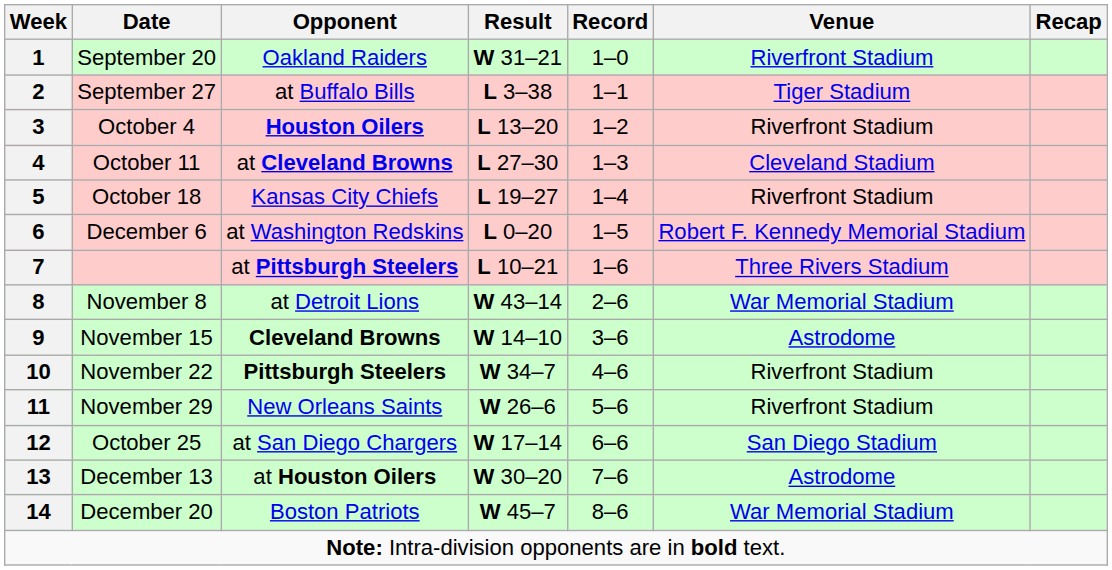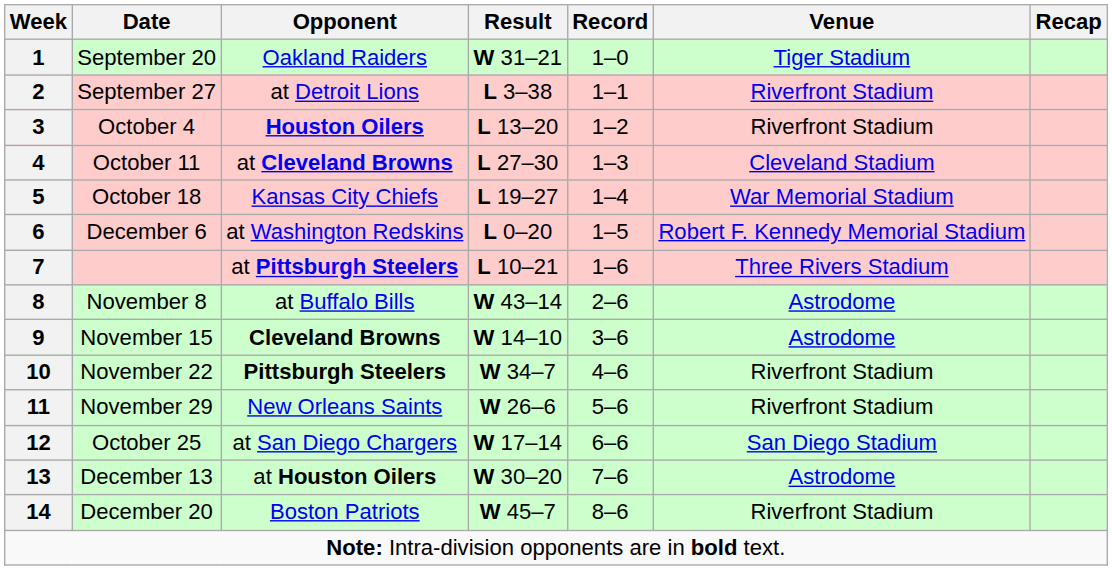 <table class="wikitable" style="text-align:center">
 <tr>
 <th>Week</th>
 <th>Date</th>
 <th>Opponent</th>
 <th>Result</th>
 <th>Record</th>
 <th>Venue</th>
 <th>Recap</th>
 </tr>
 <tr style="background:#cfc">
 <th>1</th>
 <td>September 20</td>
 <td><a href='#'>Oakland Raiders</a></td>
 <td><strong>W</strong> 31–21</td>
 <td>1–0</td>
-<td><a href='#'>Riverfront Stadium</a></td>
+<td><a href='#'>Tiger Stadium</a></td>
 <td></td>
 </tr>
 <tr style="background:#fcc">
 <th>2</th>
 <td>September 27</td>
-<td>at <a href='#'>Buffalo Bills</a></td>
+<td>at <a href='#'>Detroit Lions</a></td>
 <td><strong>L</strong> 3–38</td>
 <td>1–1</td>
-<td><a href='#'>Tiger Stadium</a></td>
+<td><a href='#'>Riverfront Stadium</a></td>
 <td></td>
 </tr>
 <tr style="background:#fcc">
 <th>3</th>
 <td>October 4</td>
 <td><strong><a href='#'>Houston Oilers</a></strong></td>
 <td><strong>L</strong> 13–20</td>
 <td>1–2</td>
 <td>Riverfront Stadium</td>
 <td></td>
 </tr>
 <tr style="background:#fcc">
 <th>4</th>
 <td>October 11</td>
 <td>at <strong><a href='#'>Cleveland Browns</a></strong></td>
 <td><strong>L</strong> 27–30</td>
 <td>1–3</td>
 <td><a href='#'>Cleveland Stadium</a></td>
 <td></td>
 </tr>
 <tr style="background:#fcc">
 <th>5</th>
 <td>October 18</td>
 <td><a href='#'>Kansas City Chiefs</a></td>
 <td><strong>L</strong> 19–27</td>
 <td>1–4</td>
-<td>Riverfront Stadium</td>
+<td><a href='#'>War Memorial Stadium</a></td>
 <td></td>
 </tr>
 <tr style="background:#fcc">
 <th>6</th>
 <td>December 6</td>
 <td>at <a href='#'>Washington Redskins</a></td>
 <td><strong>L</strong> 0–20</td>
 <td>1–5</td>
 <td><a href='#'>Robert F. Kennedy Memorial Stadium</a></td>
 <td></td>
 </tr>
 <tr style="background:#fcc">
 <th>7</th>
 <td></td>
 <td>at <strong><a href='#'>Pittsburgh Steelers</a></strong></td>
 <td><strong>L</strong> 10–21</td>
 <td>1–6</td>
 <td><a href='#'>Three Rivers Stadium</a></td>
 <td></td>
 </tr>
 <tr style="background:#cfc">
 <th>8</th>
 <td>November 8</td>
-<td>at <a href='#'>Detroit Lions</a></td>
+<td>at <a href='#'>Buffalo Bills</a></td>
 <td><strong>W</strong> 43–14</td>
 <td>2–6</td>
-<td><a href='#'>War Memorial Stadium</a></td>
+<td><a href='#'>Astrodome</a></td>
 <td></td>
 </tr>
 <tr style="background:#cfc">
 <th>9</th>
 <td>November 15</td>
 <td><strong>Cleveland Browns</strong></td>
 <td><strong>W</strong> 14–10</td>
 <td>3–6</td>
 <td><a href='#'>Astrodome</a></td>
 <td></td>
 </tr>
 <tr style="background:#cfc">
 <th>10</th>
 <td>November 22</td>
 <td><strong>Pittsburgh Steelers</strong></td>
 <td><strong>W</strong> 34–7</td>
 <td>4–6</td>
 <td>Riverfront Stadium</td>
 <td></td>
 </tr>
 <tr style="background:#cfc">
 <th>11</th>
 <td>November 29</td>
 <td><a href='#'>New Orleans Saints</a></td>
 <td><strong>W</strong> 26–6</td>
 <td>5–6</td>
 <td>Riverfront Stadium</td>
 <td></td>
 </tr>
 <tr style="background:#cfc">
 <th>12</th>
 <td>October 25</td>
 <td>at <a href='#'>San Diego Chargers</a></td>
 <td><strong>W</strong> 17–14</td>
 <td>6–6</td>
 <td><a href='#'>San Diego Stadium</a></td>
 <td></td>
 </tr>
 <tr style="background:#cfc">
 <th>13</th>
 <td>December 13</td>
 <td>at <strong>Houston Oilers</strong></td>
 <td><strong>W</strong> 30–20</td>
 <td>7–6</td>
 <td><a href='#'>Astrodome</a></td>
 <td></td>
 </tr>
 <tr style="background:#cfc">
 <th>14</th>
 <td>December 20</td>
 <td><a href='#'>Boston Patriots</a></td>
 <td><strong>W</strong> 45–7</td>
 <td>8–6</td>
-<td><a href='#'>War Memorial Stadium</a></td>
+<td>Riverfront Stadium</td>
 <td></td>
 </tr>
 <tr>
 <td colspan="8"><strong>Note:</strong> Intra-division opponents are in <strong>bold</strong> text.</td>
 </tr>
 </table>
